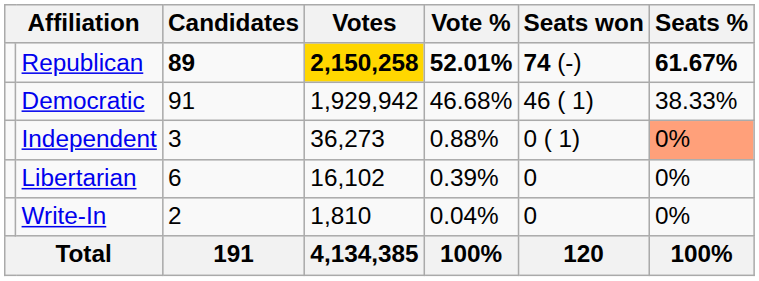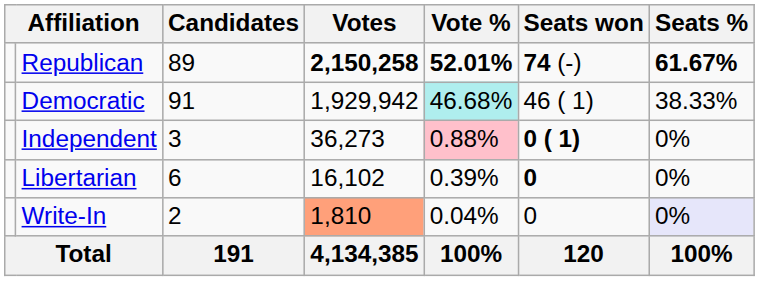 <table class="wikitable">
 <tr>
 <th colspan="2">Affiliation</th>
 <th>Candidates</th>
 <th>Votes</th>
 <th>Vote %</th>
 <th>Seats won</th>
 <th>Seats %</th>
 </tr>
 <tr>
 <td style="background-color:"></td>
 <td><a href='#'>Republican</a></td>
-<td><strong>89</strong></td>
-<td style="background: gold;"><strong>2,150,258</strong></td>
+<td>89</td>
+<td><strong>2,150,258</strong></td>
 <td><strong>52.01%</strong></td>
 <td><strong>74</strong> (-)</td>
 <td><strong>61.67%</strong></td>
 </tr>
 <tr>
 <td style="background-color:"></td>
 <td><a href='#'>Democratic</a></td>
 <td>91</td>
 <td>1,929,942</td>
-<td>46.68%</td>
+<td style="background: paleturquoise;">46.68%</td>
 <td>46 ( 1)</td>
 <td>38.33%</td>
 </tr>
 <tr>
 <td style="background-color:"></td>
 <td><a href='#'>Independent</a></td>
 <td>3</td>
 <td>36,273</td>
-<td>0.88%</td>
-<td>0 ( 1)</td>
-<td style="background: lightsalmon;">0%</td>
+<td style="background: pink;">0.88%</td>
+<td><strong>0 ( 1)</strong></td>
+<td>0%</td>
 </tr>
 <tr>
 <td style="background-color:"></td>
 <td><a href='#'>Libertarian</a></td>
 <td>6</td>
 <td>16,102</td>
 <td>0.39%</td>
-<td>0</td>
+<td><strong>0</strong></td>
 <td>0%</td>
 </tr>
 <tr>
 <td style="background-color:"></td>
 <td><a href='#'>Write-In</a></td>
 <td>2</td>
-<td>1,810</td>
+<td style="background: lightsalmon;">1,810</td>
 <td>0.04%</td>
 <td>0</td>
-<td>0%</td>
+<td style="background: lavender;">0%</td>
 </tr>
 <tr>
 <th colspan="2">Total</th>
 <th>191</th>
 <th>4,134,385</th>
 <th>100%</th>
 <th>120</th>
 <th>100%</th>
 </tr>
 </table>
